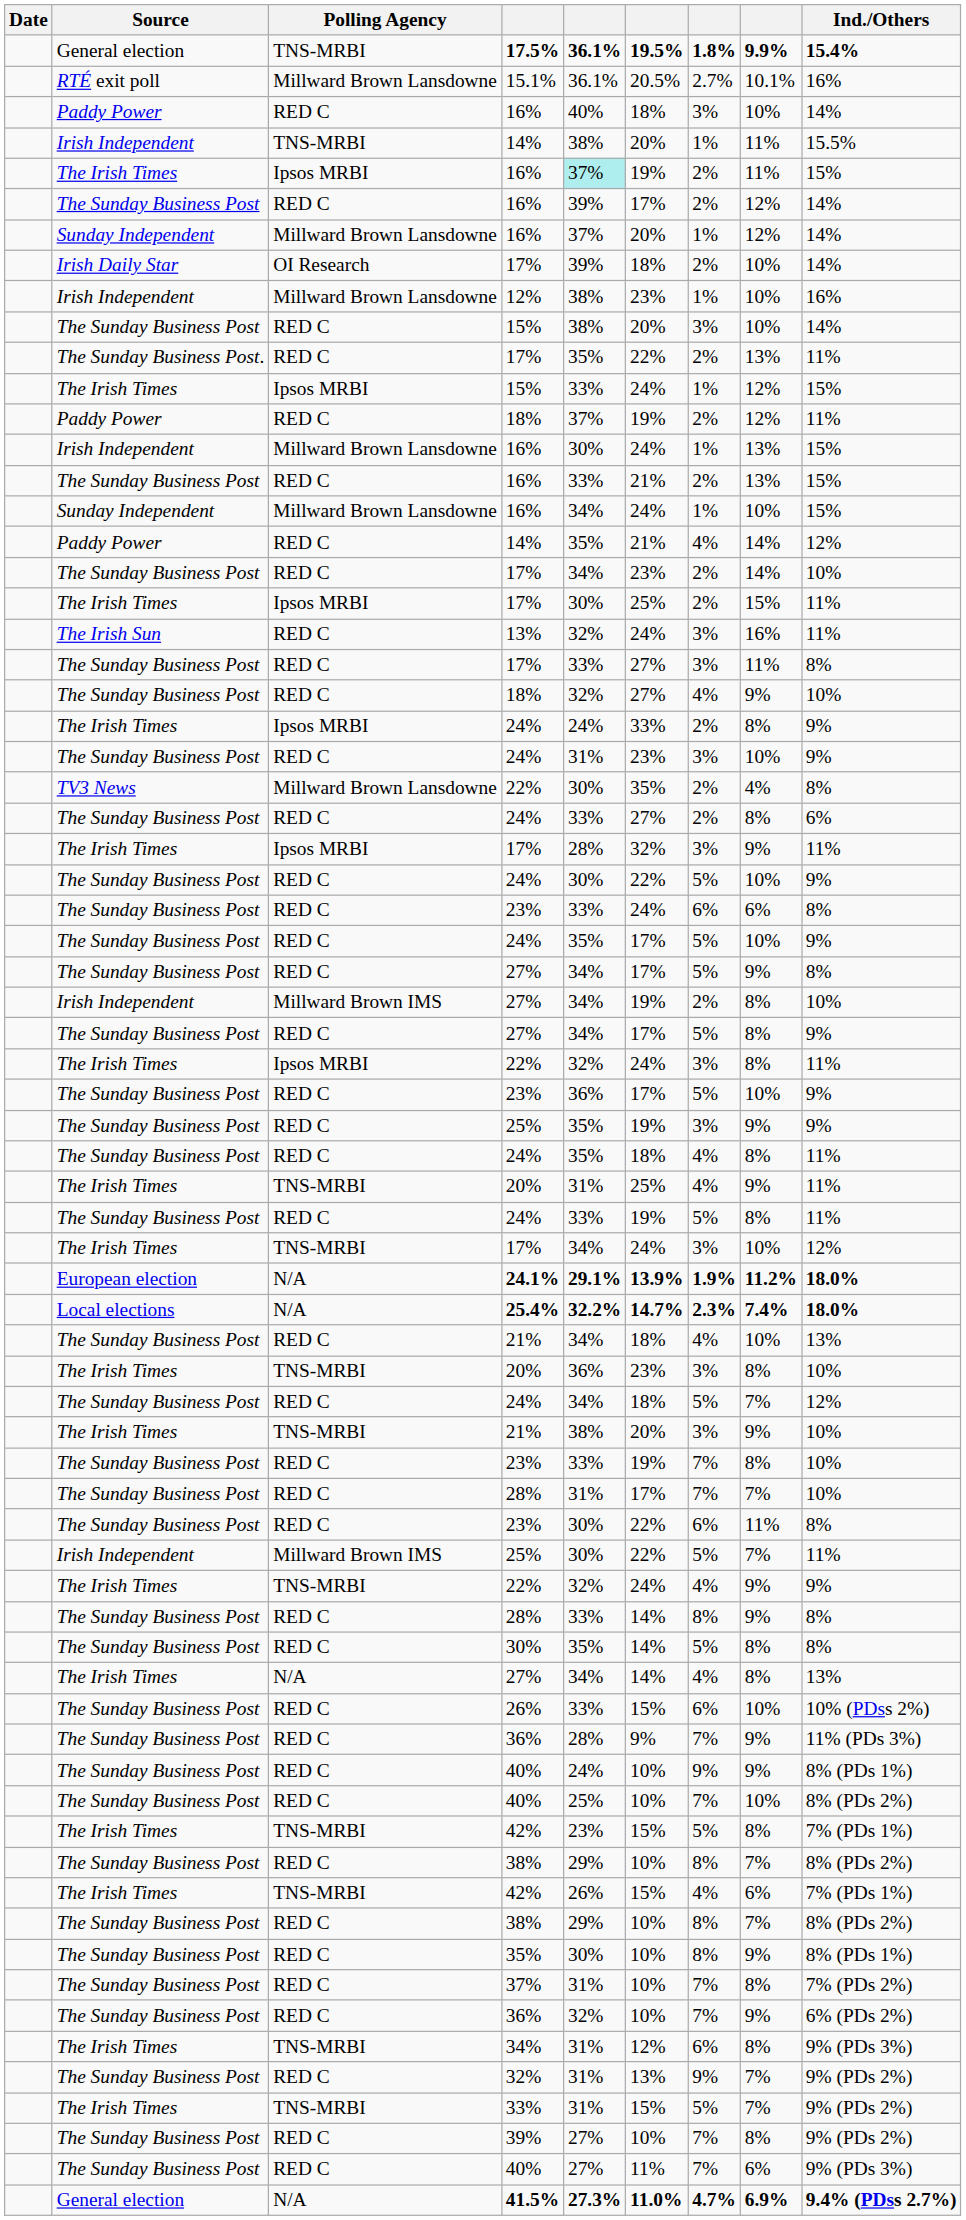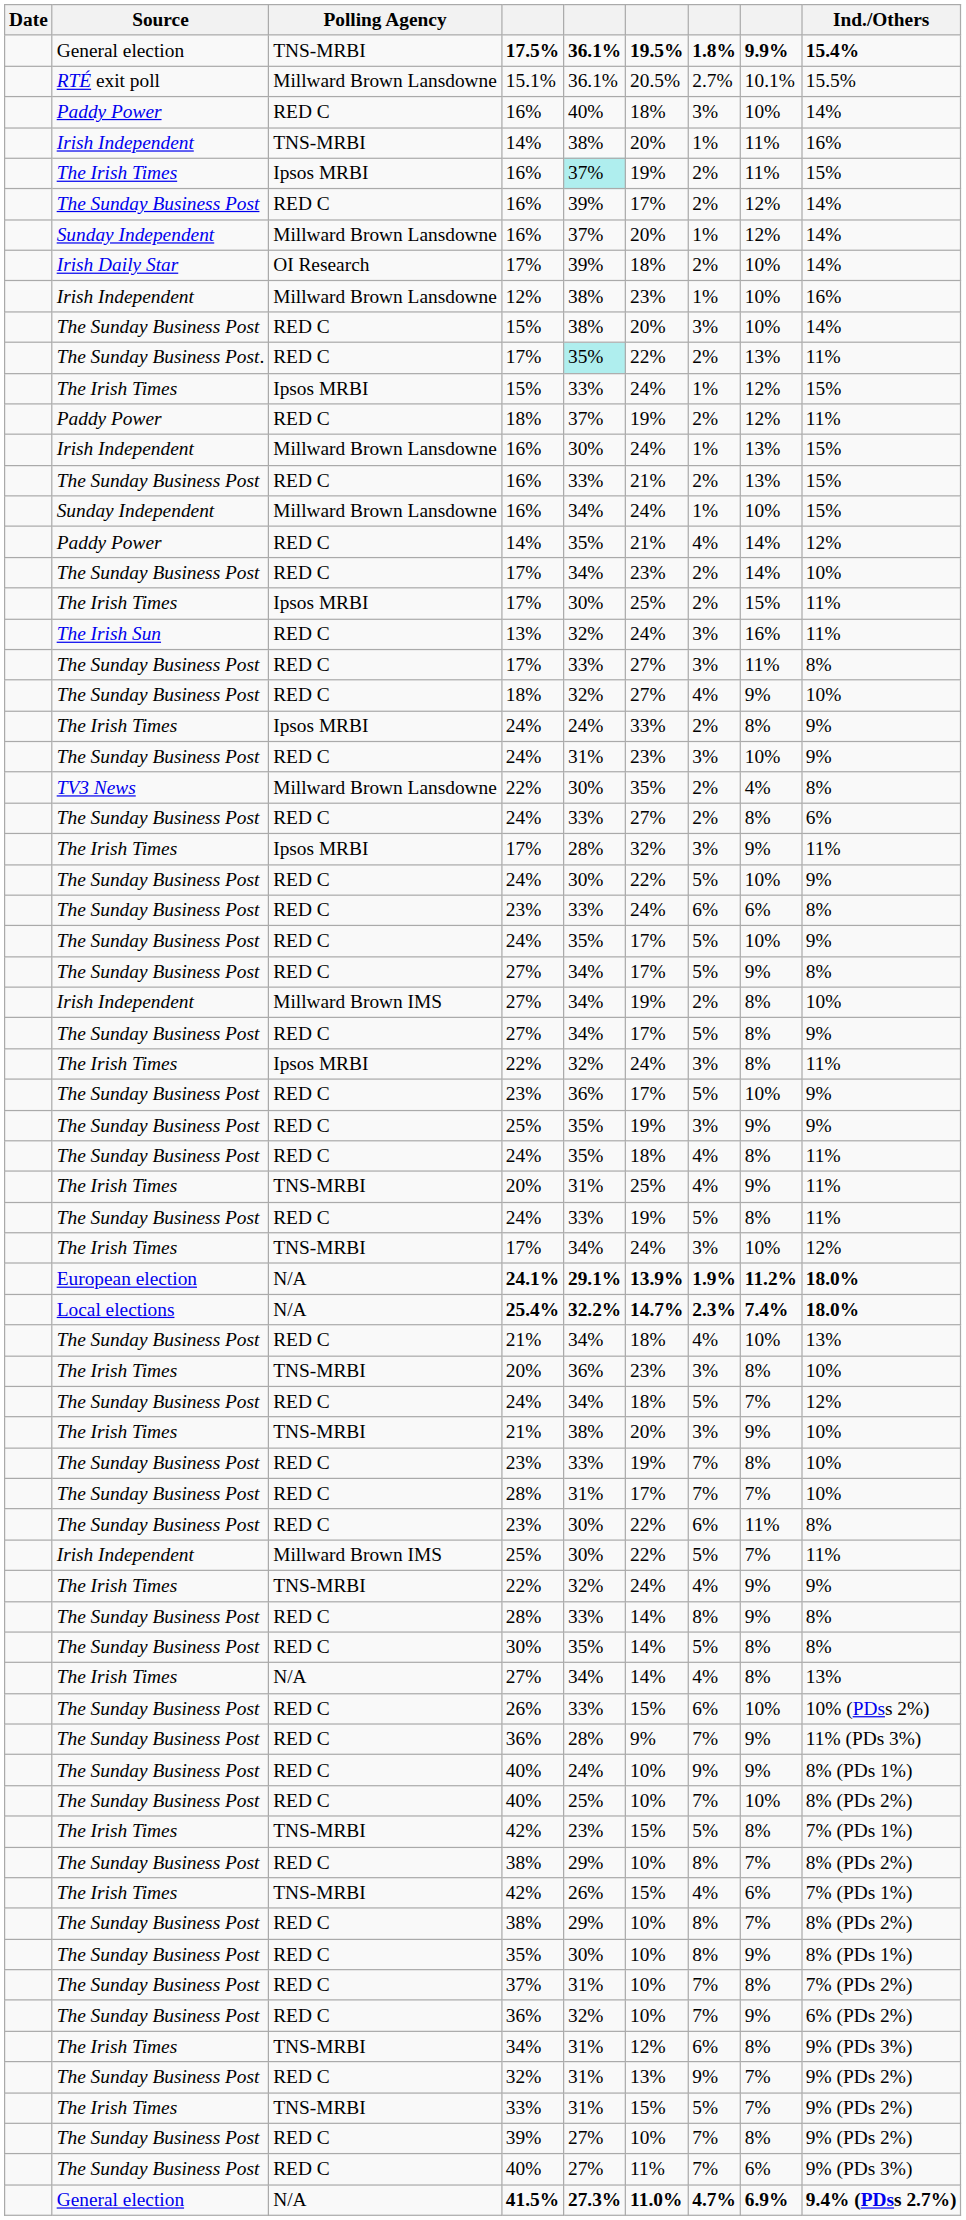 <table class="wikitable sortable">
 <tr>
 <th>Date</th>
 <th class=unsortable>Source</th>
 <th>Polling Agency</th>
 <th style="background:"><a href='#'></a></th>
 <th style="background:"><a href='#'></a></th>
 <th style="background:"><a href='#'></a></th>
 <th style="background:"><a href='#'></a></th>
 <th style="background:"><a href='#'></a></th>
 <th>Ind./Others</th>
 </tr>
 <tr>
 <td></td>
 <td>General election</td>
 <td> TNS-MRBI</td>
 <td><strong>17.5%</strong></td>
 <td><strong>36.1%</strong></td>
 <td><strong>19.5%</strong></td>
 <td><strong>1.8%</strong></td>
 <td><strong>9.9%</strong></td>
 <td><strong>15.4%</strong></td>
 </tr>
 <tr>
 <td></td>
 <td><em><a href='#'>RTÉ</a></em> exit poll</td>
 <td>Millward Brown Lansdowne</td>
 <td>15.1%</td>
 <td>36.1%</td>
 <td>20.5%</td>
 <td>2.7%</td>
 <td>10.1%</td>
-<td>16%</td>
+<td>15.5%</td>
 </tr>
 <tr>
 <td></td>
 <td><em><a href='#'>Paddy Power</a></em></td>
 <td>RED C</td>
 <td>16%</td>
 <td>40%</td>
 <td>18%</td>
 <td>3%</td>
 <td>10%</td>
 <td>14%</td>
 </tr>
 <tr>
 <td></td>
 <td><em><a href='#'>Irish Independent</a></em></td>
 <td> TNS-MRBI</td>
 <td>14%</td>
 <td>38%</td>
 <td>20%</td>
 <td>1%</td>
 <td>11%</td>
-<td>15.5%</td>
+<td>16%</td>
 </tr>
 <tr>
 <td></td>
 <td><em><a href='#'>The Irish Times</a></em></td>
 <td> Ipsos MRBI</td>
 <td>16%</td>
 <td style="background: paleturquoise;">37%</td>
 <td>19%</td>
 <td>2%</td>
 <td>11%</td>
 <td>15%</td>
 </tr>
 <tr>
 <td></td>
 <td><em><a href='#'>The Sunday Business Post</a></em></td>
 <td>RED C</td>
 <td>16%</td>
 <td>39%</td>
 <td>17%</td>
 <td>2%</td>
 <td>12%</td>
 <td>14%</td>
 </tr>
 <tr>
 <td></td>
 <td><em><a href='#'>Sunday Independent</a></em></td>
 <td>Millward Brown Lansdowne</td>
 <td>16%</td>
 <td>37%</td>
 <td>20%</td>
 <td>1%</td>
 <td>12%</td>
 <td>14%</td>
 </tr>
 <tr>
 <td></td>
 <td><em><a href='#'>Irish Daily Star</a></em></td>
 <td>OI Research</td>
 <td>17%</td>
 <td>39%</td>
 <td>18%</td>
 <td>2%</td>
 <td>10%</td>
 <td>14%</td>
 </tr>
 <tr>
 <td></td>
 <td><em>Irish Independent</em></td>
 <td>Millward Brown Lansdowne</td>
 <td>12%</td>
 <td>38%</td>
 <td>23%</td>
 <td>1%</td>
 <td>10%</td>
 <td>16%</td>
 </tr>
 <tr>
 <td></td>
 <td><em>The Sunday Business Post</em></td>
 <td>RED C</td>
 <td>15%</td>
 <td>38%</td>
 <td>20%</td>
 <td>3%</td>
 <td>10%</td>
 <td>14%</td>
 </tr>
 <tr>
 <td></td>
 <td><em>The Sunday Business Post</em>.</td>
 <td>RED C</td>
 <td>17%</td>
-<td>35%</td>
+<td style="background: paleturquoise;">35%</td>
 <td>22%</td>
 <td>2%</td>
 <td>13%</td>
 <td>11%</td>
 </tr>
 <tr>
 <td></td>
 <td><em>The Irish Times</em></td>
 <td> Ipsos MRBI</td>
 <td>15%</td>
 <td>33%</td>
 <td>24%</td>
 <td>1%</td>
 <td>12%</td>
 <td>15%</td>
 </tr>
 <tr>
 <td></td>
 <td><em>Paddy Power</em></td>
 <td>RED C</td>
 <td>18%</td>
 <td>37%</td>
 <td>19%</td>
 <td>2%</td>
 <td>12%</td>
 <td>11%</td>
 </tr>
 <tr>
 <td></td>
 <td><em>Irish Independent</em></td>
 <td>Millward Brown Lansdowne</td>
 <td>16%</td>
 <td>30%</td>
 <td>24%</td>
 <td>1%</td>
 <td>13%</td>
 <td>15%</td>
 </tr>
 <tr>
 <td></td>
 <td><em>The Sunday Business Post</em></td>
 <td>RED C</td>
 <td>16%</td>
 <td>33%</td>
 <td>21%</td>
 <td>2%</td>
 <td>13%</td>
 <td>15%</td>
 </tr>
 <tr>
 <td></td>
 <td><em>Sunday Independent</em></td>
 <td>Millward Brown Lansdowne</td>
 <td>16%</td>
 <td>34%</td>
 <td>24%</td>
 <td>1%</td>
 <td>10%</td>
 <td>15%</td>
 </tr>
 <tr>
 <td></td>
 <td><em>Paddy Power</em></td>
 <td>RED C</td>
 <td>14%</td>
 <td>35%</td>
 <td>21%</td>
 <td>4%</td>
 <td>14%</td>
 <td>12%</td>
 </tr>
 <tr>
 <td></td>
 <td><em>The Sunday Business Post</em></td>
 <td>RED C</td>
 <td>17%</td>
 <td>34%</td>
 <td>23%</td>
 <td>2%</td>
 <td>14%</td>
 <td>10%</td>
 </tr>
 <tr>
 <td></td>
 <td><em>The Irish Times</em></td>
 <td> Ipsos MRBI</td>
 <td>17%</td>
 <td>30%</td>
 <td>25%</td>
 <td>2%</td>
 <td>15%</td>
 <td>11%</td>
 </tr>
 <tr>
 <td></td>
 <td><em><a href='#'>The Irish Sun</a></em></td>
 <td>RED C</td>
 <td>13%</td>
 <td>32%</td>
 <td>24%</td>
 <td>3%</td>
 <td>16%</td>
 <td>11%</td>
 </tr>
 <tr>
 <td></td>
 <td><em>The Sunday Business Post</em></td>
 <td>RED C</td>
 <td>17%</td>
 <td>33%</td>
 <td>27%</td>
 <td>3%</td>
 <td>11%</td>
 <td>8%</td>
 </tr>
 <tr>
 <td></td>
 <td><em>The Sunday Business Post</em></td>
 <td>RED C</td>
 <td>18%</td>
 <td>32%</td>
 <td>27%</td>
 <td>4%</td>
 <td>9%</td>
 <td>10%</td>
 </tr>
 <tr>
 <td></td>
 <td><em>The Irish Times</em></td>
 <td> Ipsos MRBI</td>
 <td>24%</td>
 <td>24%</td>
 <td>33%</td>
 <td>2%</td>
 <td>8%</td>
 <td>9%</td>
 </tr>
 <tr>
 <td></td>
 <td><em>The Sunday Business Post</em></td>
 <td>RED C</td>
 <td>24%</td>
 <td>31%</td>
 <td>23%</td>
 <td>3%</td>
 <td>10%</td>
 <td>9%</td>
 </tr>
 <tr>
 <td></td>
 <td><em><a href='#'>TV3 News</a></em></td>
 <td>Millward Brown Lansdowne</td>
 <td>22%</td>
 <td>30%</td>
 <td>35%</td>
 <td>2%</td>
 <td>4%</td>
 <td>8%</td>
 </tr>
 <tr>
 <td></td>
 <td><em>The Sunday Business Post</em></td>
 <td>RED C</td>
 <td>24%</td>
 <td>33%</td>
 <td>27%</td>
 <td>2%</td>
 <td>8%</td>
 <td>6%</td>
 </tr>
 <tr>
 <td></td>
 <td><em>The Irish Times</em></td>
 <td> Ipsos MRBI</td>
 <td>17%</td>
 <td>28%</td>
 <td>32%</td>
 <td>3%</td>
 <td>9%</td>
 <td>11%</td>
 </tr>
 <tr>
 <td></td>
 <td><em>The Sunday Business Post</em></td>
 <td>RED C</td>
 <td>24%</td>
 <td>30%</td>
 <td>22%</td>
 <td>5%</td>
 <td>10%</td>
 <td>9%</td>
 </tr>
 <tr>
 <td></td>
 <td><em>The Sunday Business Post</em></td>
 <td>RED C</td>
 <td>23%</td>
 <td>33%</td>
 <td>24%</td>
 <td>6%</td>
 <td>6%</td>
 <td>8%</td>
 </tr>
 <tr>
 <td></td>
 <td><em>The Sunday Business Post</em></td>
 <td>RED C</td>
 <td>24%</td>
 <td>35%</td>
 <td>17%</td>
 <td>5%</td>
 <td>10%</td>
 <td>9%</td>
 </tr>
 <tr>
 <td></td>
 <td><em>The Sunday Business Post</em></td>
 <td>RED C</td>
 <td>27%</td>
 <td>34%</td>
 <td>17%</td>
 <td>5%</td>
 <td>9%</td>
 <td>8%</td>
 </tr>
 <tr>
 <td></td>
 <td><em>Irish Independent</em></td>
 <td>Millward Brown IMS</td>
 <td>27%</td>
 <td>34%</td>
 <td>19%</td>
 <td>2%</td>
 <td>8%</td>
 <td>10%</td>
 </tr>
 <tr>
 <td></td>
 <td><em>The Sunday Business Post</em></td>
 <td>RED C</td>
 <td>27%</td>
 <td>34%</td>
 <td>17%</td>
 <td>5%</td>
 <td>8%</td>
 <td>9%</td>
 </tr>
 <tr>
 <td></td>
 <td><em>The Irish Times</em></td>
 <td> Ipsos MRBI</td>
 <td>22%</td>
 <td>32%</td>
 <td>24%</td>
 <td>3%</td>
 <td>8%</td>
 <td>11%</td>
 </tr>
 <tr>
 <td></td>
 <td><em>The Sunday Business Post</em></td>
 <td>RED C</td>
 <td>23%</td>
 <td>36%</td>
 <td>17%</td>
 <td>5%</td>
 <td>10%</td>
 <td>9%</td>
 </tr>
 <tr>
 <td></td>
 <td><em>The Sunday Business Post</em></td>
 <td>RED C</td>
 <td>25%</td>
 <td>35%</td>
 <td>19%</td>
 <td>3%</td>
 <td>9%</td>
 <td>9%</td>
 </tr>
 <tr>
 <td></td>
 <td><em>The Sunday Business Post</em></td>
 <td>RED C</td>
 <td>24%</td>
 <td>35%</td>
 <td>18%</td>
 <td>4%</td>
 <td>8%</td>
 <td>11%</td>
 </tr>
 <tr>
 <td></td>
 <td><em>The Irish Times</em></td>
 <td> TNS-MRBI</td>
 <td>20%</td>
 <td>31%</td>
 <td>25%</td>
 <td>4%</td>
 <td>9%</td>
 <td>11%</td>
 </tr>
 <tr>
 <td></td>
 <td><em>The Sunday Business Post</em></td>
 <td>RED C</td>
 <td>24%</td>
 <td>33%</td>
 <td>19%</td>
 <td>5%</td>
 <td>8%</td>
 <td>11%</td>
 </tr>
 <tr>
 <td></td>
 <td><em>The Irish Times</em></td>
 <td> TNS-MRBI</td>
 <td>17%</td>
 <td>34%</td>
 <td>24%</td>
 <td>3%</td>
 <td>10%</td>
 <td>12%</td>
 </tr>
 <tr>
 <td></td>
 <td><a href='#'>European election</a></td>
 <td>N/A</td>
 <td><strong>24.1%</strong></td>
 <td><strong>29.1%</strong></td>
 <td><strong>13.9%</strong></td>
 <td><strong>1.9%</strong></td>
 <td><strong>11.2%</strong></td>
 <td><strong>18.0%</strong></td>
 </tr>
 <tr>
 <td></td>
 <td><a href='#'>Local elections</a></td>
 <td>N/A</td>
 <td><strong>25.4%</strong></td>
 <td><strong>32.2%</strong></td>
 <td><strong>14.7%</strong></td>
 <td><strong>2.3%</strong></td>
 <td><strong>7.4%</strong></td>
 <td><strong>18.0%</strong></td>
 </tr>
 <tr>
 <td></td>
 <td><em>The Sunday Business Post</em></td>
 <td>RED C</td>
 <td>21%</td>
 <td>34%</td>
 <td>18%</td>
 <td>4%</td>
 <td>10%</td>
 <td>13%</td>
 </tr>
 <tr>
 <td></td>
 <td><em>The Irish Times</em></td>
 <td> TNS-MRBI</td>
 <td>20%</td>
 <td>36%</td>
 <td>23%</td>
 <td>3%</td>
 <td>8%</td>
 <td>10%</td>
 </tr>
 <tr>
 <td></td>
 <td><em>The Sunday Business Post</em></td>
 <td>RED C</td>
 <td>24%</td>
 <td>34%</td>
 <td>18%</td>
 <td>5%</td>
 <td>7%</td>
 <td>12%</td>
 </tr>
 <tr>
 <td></td>
 <td><em>The Irish Times</em></td>
 <td> TNS-MRBI</td>
 <td>21%</td>
 <td>38%</td>
 <td>20%</td>
 <td>3%</td>
 <td>9%</td>
 <td>10%</td>
 </tr>
 <tr>
 <td></td>
 <td><em>The Sunday Business Post</em></td>
 <td>RED C</td>
 <td>23%</td>
 <td>33%</td>
 <td>19%</td>
 <td>7%</td>
 <td>8%</td>
 <td>10%</td>
 </tr>
 <tr>
 <td></td>
 <td><em>The Sunday Business Post</em></td>
 <td>RED C</td>
 <td>28%</td>
 <td>31%</td>
 <td>17%</td>
 <td>7%</td>
 <td>7%</td>
 <td>10%</td>
 </tr>
 <tr>
 <td></td>
 <td><em>The Sunday Business Post</em></td>
 <td>RED C</td>
 <td>23%</td>
 <td>30%</td>
 <td>22%</td>
 <td>6%</td>
 <td>11%</td>
 <td>8%</td>
 </tr>
 <tr>
 <td></td>
 <td><em>Irish Independent</em></td>
 <td>Millward Brown IMS</td>
 <td>25%</td>
 <td>30%</td>
 <td>22%</td>
 <td>5%</td>
 <td>7%</td>
 <td>11%</td>
 </tr>
 <tr>
 <td></td>
 <td><em>The Irish Times</em></td>
 <td> TNS-MRBI</td>
 <td>22%</td>
 <td>32%</td>
 <td>24%</td>
 <td>4%</td>
 <td>9%</td>
 <td>9%</td>
 </tr>
 <tr>
 <td></td>
 <td><em>The Sunday Business Post</em></td>
 <td>RED C</td>
 <td>28%</td>
 <td>33%</td>
 <td>14%</td>
 <td>8%</td>
 <td>9%</td>
 <td>8%</td>
 </tr>
 <tr>
 <td></td>
 <td><em>The Sunday Business Post</em></td>
 <td>RED C</td>
 <td>30%</td>
 <td>35%</td>
 <td>14%</td>
 <td>5%</td>
 <td>8%</td>
 <td>8%</td>
 </tr>
 <tr>
 <td></td>
 <td><em>The Irish Times</em></td>
 <td>N/A</td>
 <td>27%</td>
 <td>34%</td>
 <td>14%</td>
 <td>4%</td>
 <td>8%</td>
 <td>13%</td>
 </tr>
 <tr>
 <td></td>
 <td><em>The Sunday Business Post</em></td>
 <td>RED C</td>
 <td>26%</td>
 <td>33%</td>
 <td>15%</td>
 <td>6%</td>
 <td>10%</td>
 <td>10% (<a href='#'>PDs</a>s 2%)</td>
 </tr>
 <tr>
 <td></td>
 <td><em>The Sunday Business Post</em></td>
 <td>RED C</td>
 <td>36%</td>
 <td>28%</td>
 <td>9%</td>
 <td>7%</td>
 <td>9%</td>
 <td>11% (PDs 3%)</td>
 </tr>
 <tr>
 <td></td>
 <td><em>The Sunday Business Post</em></td>
 <td>RED C</td>
 <td>40%</td>
 <td>24%</td>
 <td>10%</td>
 <td>9%</td>
 <td>9%</td>
 <td>8% (PDs 1%)</td>
 </tr>
 <tr>
 <td></td>
 <td><em>The Sunday Business Post</em></td>
 <td>RED C</td>
 <td>40%</td>
 <td>25%</td>
 <td>10%</td>
 <td>7%</td>
 <td>10%</td>
 <td>8% (PDs 2%)</td>
 </tr>
 <tr>
 <td></td>
 <td><em>The Irish Times</em></td>
 <td> TNS-MRBI</td>
 <td>42%</td>
 <td>23%</td>
 <td>15%</td>
 <td>5%</td>
 <td>8%</td>
 <td>7% (PDs 1%)</td>
 </tr>
 <tr>
 <td></td>
 <td><em>The Sunday Business Post</em></td>
 <td>RED C</td>
 <td>38%</td>
 <td>29%</td>
 <td>10%</td>
 <td>8%</td>
 <td>7%</td>
 <td>8% (PDs 2%)</td>
 </tr>
 <tr>
 <td></td>
 <td><em>The Irish Times</em></td>
 <td> TNS-MRBI</td>
 <td>42%</td>
 <td>26%</td>
 <td>15%</td>
 <td>4%</td>
 <td>6%</td>
 <td>7% (PDs 1%)</td>
 </tr>
 <tr>
 <td></td>
 <td><em>The Sunday Business Post</em></td>
 <td>RED C</td>
 <td>38%</td>
 <td>29%</td>
 <td>10%</td>
 <td>8%</td>
 <td>7%</td>
 <td>8% (PDs 2%)</td>
 </tr>
 <tr>
 <td></td>
 <td><em>The Sunday Business Post</em></td>
 <td>RED C</td>
 <td>35%</td>
 <td>30%</td>
 <td>10%</td>
 <td>8%</td>
 <td>9%</td>
 <td>8% (PDs 1%)</td>
 </tr>
 <tr>
 <td></td>
 <td><em>The Sunday Business Post</em></td>
 <td>RED C</td>
 <td>37%</td>
 <td>31%</td>
 <td>10%</td>
 <td>7%</td>
 <td>8%</td>
 <td>7% (PDs 2%)</td>
 </tr>
 <tr>
 <td></td>
 <td><em>The Sunday Business Post</em></td>
 <td>RED C</td>
 <td>36%</td>
 <td>32%</td>
 <td>10%</td>
 <td>7%</td>
 <td>9%</td>
 <td>6% (PDs 2%)</td>
 </tr>
 <tr>
 <td></td>
 <td><em>The Irish Times</em></td>
 <td> TNS-MRBI</td>
 <td>34%</td>
 <td>31%</td>
 <td>12%</td>
 <td>6%</td>
 <td>8%</td>
 <td>9% (PDs 3%)</td>
 </tr>
 <tr>
 <td></td>
 <td><em>The Sunday Business Post</em></td>
 <td>RED C</td>
 <td>32%</td>
 <td>31%</td>
 <td>13%</td>
 <td>9%</td>
 <td>7%</td>
 <td>9% (PDs 2%)</td>
 </tr>
 <tr>
 <td></td>
 <td><em>The Irish Times</em></td>
 <td> TNS-MRBI</td>
 <td>33%</td>
 <td>31%</td>
 <td>15%</td>
 <td>5%</td>
 <td>7%</td>
 <td>9% (PDs 2%)</td>
 </tr>
 <tr>
 <td></td>
 <td><em>The Sunday Business Post</em></td>
 <td>RED C</td>
 <td>39%</td>
 <td>27%</td>
 <td>10%</td>
 <td>7%</td>
 <td>8%</td>
 <td>9% (PDs 2%)</td>
 </tr>
 <tr>
 <td></td>
 <td><em>The Sunday Business Post</em></td>
 <td>RED C</td>
 <td>40%</td>
 <td>27%</td>
 <td>11%</td>
 <td>7%</td>
 <td>6%</td>
 <td>9% (PDs 3%)</td>
 </tr>
 <tr>
 <td></td>
 <td><a href='#'>General election</a></td>
 <td>N/A</td>
 <td><strong>41.5%</strong></td>
 <td><strong>27.3%</strong></td>
 <td><strong>11.0%</strong></td>
 <td><strong>4.7%</strong></td>
 <td><strong>6.9%</strong></td>
 <td><strong>9.4% (<a href='#'>PDs</a>s 2.7%)</strong></td>
 </tr>
 </table>
